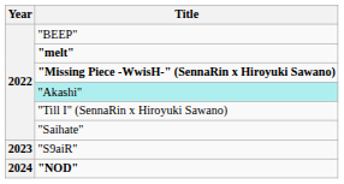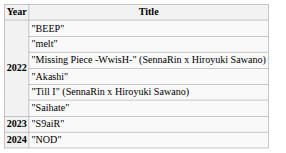 <table class="wikitable">
 <tr>
 <th>Year</th>
 <th>Title</th>
 </tr>
 <tr>
 <th rowspan="6">2022</th>
 <td>"BEEP"</td>
 </tr>
 <tr>
-<td><strong>"melt"</strong></td>
+<td>"melt"</td>
 </tr>
 <tr>
-<td><strong>"Missing Piece -WwisH-" (SennaRin x Hiroyuki Sawano)</strong></td>
+<td>"Missing Piece -WwisH-" (SennaRin x Hiroyuki Sawano)</td>
 </tr>
 <tr>
-<td style="background: paleturquoise;">"Akashi"</td>
+<td>"Akashi"</td>
 </tr>
 <tr>
 <td>"Till I" (SennaRin x Hiroyuki Sawano)</td>
 </tr>
 <tr>
 <td>"Saihate"</td>
 </tr>
 <tr>
 <th>2023</th>
 <td>"S9aiR"</td>
 </tr>
 <tr>
 <th>2024</th>
-<td><strong>"NOD"</strong></td>
+<td>"NOD"</td>
 </tr>
 </table>
